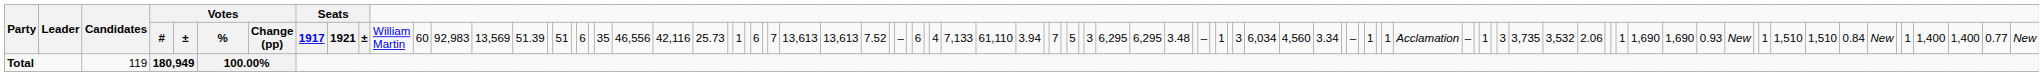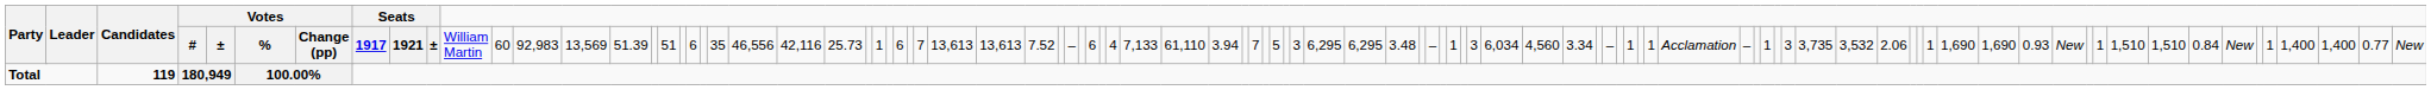 <table class="wikitable" style="text-align:right; font-size:85%">
 <tr>
 <th rowspan="2" colspan="2" style="width:15%">Party</th>
 <th rowspan="2">Leader</th>
 <th rowspan="2">Candidates</th>
 <th colspan="6">Votes</th>
 <th colspan="3">Seats</th>
 </tr>
 <tr>
 <th>#</th>
 <th>±</th>
 <th>%</th>
 <th colspan="3">Change (pp)</th>
 <th><a href='#'>1917</a></th>
 <th>1921</th>
 <th>±<br></th>
 <td style="text-align:left;"><a href='#'>William Martin</a></td>
 <td>60</td>
 <td>92,983</td>
 <td>13,569</td>
 <td>51.39</td>
 <td></td>
 <td>51</td>
 <td></td>
 <td>6<br></td>
 <td style="text-align:left;"></td>
 <td>35</td>
 <td>46,556</td>
 <td>42,116</td>
 <td>25.73</td>
 <td></td>
 <td>1</td>
 <td></td>
 <td>6<br></td>
 <td style="text-align:left;"></td>
 <td>7</td>
 <td>13,613</td>
 <td>13,613</td>
 <td>7.52</td>
 <td></td>
 <td>–</td>
 <td></td>
 <td>6<br></td>
 <td style="text-align:left;"></td>
 <td>4</td>
 <td>7,133</td>
 <td>61,110</td>
 <td>3.94</td>
 <td></td>
 <td>7</td>
 <td></td>
 <td>5<br></td>
 <td style="text-align:left;"></td>
 <td>3</td>
 <td>6,295</td>
 <td>6,295</td>
 <td>3.48</td>
 <td></td>
 <td>–</td>
 <td></td>
 <td>1<br></td>
 <td style="text-align:left;"></td>
 <td>3</td>
 <td>6,034</td>
 <td>4,560</td>
 <td>3.34</td>
 <td></td>
 <td>–</td>
 <td></td>
 <td>1<br></td>
 <td style="text-align:left;"></td>
 <td>1</td>
 <td colspan="6" style="text-align:center;"><em>Acclamation</em></td>
 <td>–</td>
 <td></td>
 <td>1<br></td>
 <td style="text-align:left;"></td>
 <td>3</td>
 <td>3,735</td>
 <td>3,532</td>
 <td>2.06</td>
 <td><br></td>
 <td style="text-align:left;"></td>
 <td>1</td>
 <td>1,690</td>
 <td>1,690</td>
 <td>0.93</td>
 <td><em>New</em><br></td>
 <td style="text-align:left;"></td>
 <td>1</td>
 <td>1,510</td>
 <td>1,510</td>
 <td>0.84</td>
 <td><em>New</em><br></td>
 <td style="text-align:left;"></td>
 <td>1</td>
 <td>1,400</td>
 <td>1,400</td>
 <td>0.77</td>
 <td><em>New</em></td>
 </tr>
 <tr>
 <td colspan="3" style="text-align: left;"><strong>Total</strong></td>
-<td>119</td>
+<td><strong>119</strong></td>
 <th colspan="2">180,949</th>
 <th colspan="2">100.00%</th>
 </tr>
 </table>
